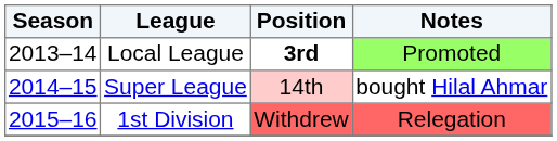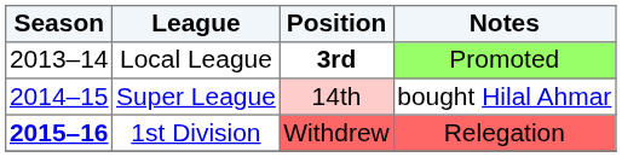 <table border="1" cellpadding="2" style="border-collapse:collapse; text-align:center; font-size:normal;">
 <tr style="background:#f0f6fa;">
 <th>Season</th>
 <th>League</th>
 <th>Position</th>
 <th>Notes</th>
 </tr>
 <tr>
 <td>2013–14</td>
 <td>Local League</td>
 <td><strong>3rd</strong></td>
 <td bgcolor=99FF66>Promoted</td>
 </tr>
 <tr>
 <td><a href='#'>2014–15</a></td>
 <td><a href='#'>Super League</a></td>
 <td bgcolor=FFCCCC>14th</td>
 <td>bought <a href='#'>Hilal Ahmar</a></td>
 </tr>
 <tr>
-<td><a href='#'>2015–16</a></td>
+<td><strong><a href='#'>2015–16</a></strong></td>
 <td><a href='#'>1st Division</a></td>
 <td bgcolor=FF6666>Withdrew</td>
 <td bgcolor=FF6666>Relegation</td>
 </tr>
 <tr>
 </tr>
 </table>
